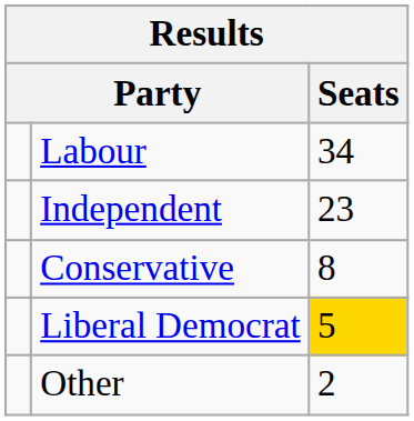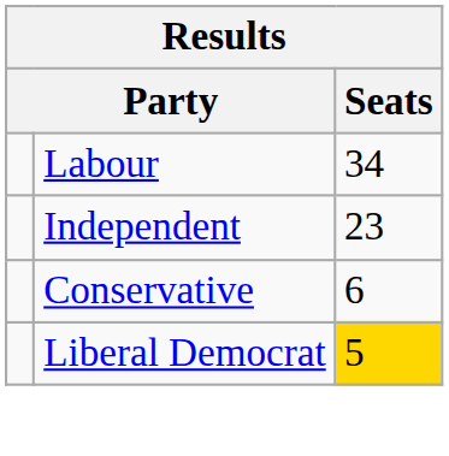 <table class="wikitable">
 <tr>
 <th colspan="3">Results</th>
 </tr>
 <tr>
 <th colspan="2">Party</th>
 <th>Seats</th>
 </tr>
 <tr>
 <td style="color:inherit;background:"> </td>
 <td><a href='#'>Labour</a></td>
 <td>34</td>
 </tr>
 <tr>
 <td></td>
 <td><a href='#'>Independent</a></td>
 <td>23</td>
 </tr>
 <tr>
 <td style="color:inherit;background:"> </td>
 <td><a href='#'>Conservative</a></td>
-<td>8</td>
+<td>6</td>
 </tr>
 <tr>
 <td style="color:inherit;background:"></td>
 <td><a href='#'>Liberal Democrat</a></td>
 <td style="background: gold;">5</td>
 </tr>
-<tr>
-<td></td>
-<td>Other</td>
-<td>2</td>
-</tr>
 </table>
